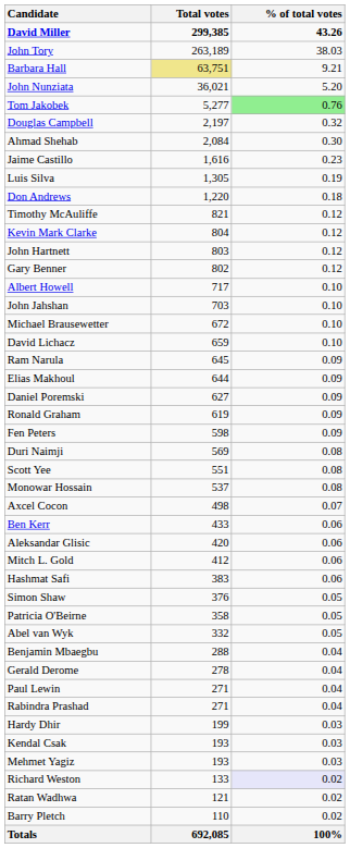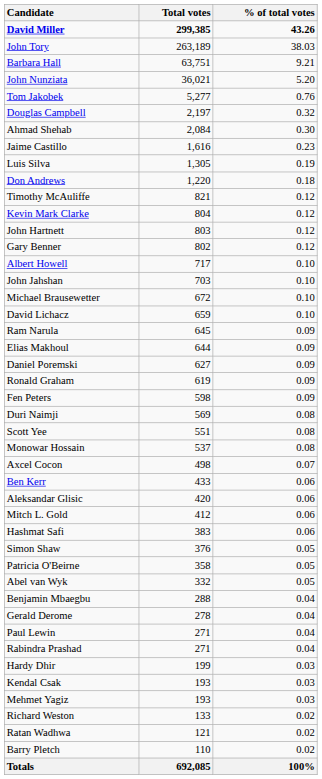 <table class=wikitable style="width:475px;" border="1" cellspacing="2" cellpadding="2">
 <tr style="background:#eee;">
 <th style="text-align:left;">Candidate</th>
 <th style="text-align:right;">Total votes</th>
 <th style="text-align:right;">% of total votes</th>
 </tr>
 <tr>
 <td style="text-align:left;"><strong><a href='#'>David Miller</a></strong></td>
 <td style="text-align:right;"><strong>299,385</strong></td>
 <td style="text-align:right;"><strong>43.26</strong></td>
 </tr>
 <tr>
 <td style="text-align:left;"><a href='#'>John Tory</a></td>
 <td style="text-align:right;">263,189</td>
 <td style="text-align:right;">38.03</td>
 </tr>
 <tr>
 <td style="text-align:left;"><a href='#'>Barbara Hall</a></td>
-<td style="background: khaki; text-align:right;">63,751</td>
+<td style="text-align:right;">63,751</td>
 <td style="text-align:right;">9.21</td>
 </tr>
 <tr>
 <td style="text-align:left;"><a href='#'>John Nunziata</a></td>
 <td style="text-align:right;">36,021</td>
 <td style="text-align:right;">5.20</td>
 </tr>
 <tr>
 <td style="text-align:left;"><a href='#'>Tom Jakobek</a></td>
 <td style="text-align:right;">5,277</td>
-<td style="background: lightgreen; text-align:right;">0.76</td>
+<td style="text-align:right;">0.76</td>
 </tr>
 <tr>
 <td style="text-align:left;"><a href='#'>Douglas Campbell</a></td>
 <td style="text-align:right;">2,197</td>
 <td style="text-align:right;">0.32</td>
 </tr>
 <tr>
 <td style="text-align:left;">Ahmad Shehab</td>
 <td style="text-align:right;">2,084</td>
 <td style="text-align:right;">0.30</td>
 </tr>
 <tr>
 <td style="text-align:left;">Jaime Castillo</td>
 <td style="text-align:right;">1,616</td>
 <td style="text-align:right;">0.23</td>
 </tr>
 <tr>
 <td style="text-align:left;">Luis Silva</td>
 <td style="text-align:right;">1,305</td>
 <td style="text-align:right;">0.19</td>
 </tr>
 <tr>
 <td style="text-align:left;"><a href='#'>Don Andrews</a></td>
 <td style="text-align:right;">1,220</td>
 <td style="text-align:right;">0.18</td>
 </tr>
 <tr>
 <td style="text-align:left;">Timothy McAuliffe</td>
 <td style="text-align:right;">821</td>
 <td style="text-align:right;">0.12</td>
 </tr>
 <tr>
 <td style="text-align:left;"><a href='#'>Kevin Mark Clarke</a></td>
 <td style="text-align:right;">804</td>
 <td style="text-align:right;">0.12</td>
 </tr>
 <tr>
 <td style="text-align:left;">John Hartnett</td>
 <td style="text-align:right;">803</td>
 <td style="text-align:right;">0.12</td>
 </tr>
 <tr>
 <td style="text-align:left;">Gary Benner</td>
 <td style="text-align:right;">802</td>
 <td style="text-align:right;">0.12</td>
 </tr>
 <tr>
 <td style="text-align:left;"><a href='#'>Albert Howell</a></td>
 <td style="text-align:right;">717</td>
 <td style="text-align:right;">0.10</td>
 </tr>
 <tr>
 <td style="text-align:left;">John Jahshan</td>
 <td style="text-align:right;">703</td>
 <td style="text-align:right;">0.10</td>
 </tr>
 <tr>
 <td style="text-align:left;">Michael Brausewetter</td>
 <td style="text-align:right;">672</td>
 <td style="text-align:right;">0.10</td>
 </tr>
 <tr>
 <td style="text-align:left;">David Lichacz</td>
 <td style="text-align:right;">659</td>
 <td style="text-align:right;">0.10</td>
 </tr>
 <tr>
 <td style="text-align:left;">Ram Narula</td>
 <td style="text-align:right;">645</td>
 <td style="text-align:right;">0.09</td>
 </tr>
 <tr>
 <td style="text-align:left;">Elias Makhoul</td>
 <td style="text-align:right;">644</td>
 <td style="text-align:right;">0.09</td>
 </tr>
 <tr>
 <td style="text-align:left;">Daniel Poremski</td>
 <td style="text-align:right;">627</td>
 <td style="text-align:right;">0.09</td>
 </tr>
 <tr>
 <td style="text-align:left;">Ronald Graham</td>
 <td style="text-align:right;">619</td>
 <td style="text-align:right;">0.09</td>
 </tr>
 <tr>
 <td style="text-align:Left;">Fen Peters</td>
 <td style="text-align:right;">598</td>
 <td style="text-align:right;">0.09</td>
 </tr>
 <tr>
 <td style="text-align:left;">Duri Naimji</td>
 <td style="text-align:right;">569</td>
 <td style="text-align:right;">0.08</td>
 </tr>
 <tr>
 <td style="text-align:left;">Scott Yee</td>
 <td style="text-align:right;">551</td>
 <td style="text-align:right;">0.08</td>
 </tr>
 <tr>
 <td style="text-align:left;">Monowar Hossain</td>
 <td style="text-align:right;">537</td>
 <td style="text-align:right;">0.08</td>
 </tr>
 <tr>
 <td style="text-align:left;">Axcel Cocon</td>
 <td style="text-align:right;">498</td>
 <td style="text-align:right;">0.07</td>
 </tr>
 <tr>
 <td style="text-align:left;"><a href='#'>Ben Kerr</a></td>
 <td style="text-align:right;">433</td>
 <td style="text-align:right;">0.06</td>
 </tr>
 <tr>
 <td style="text-align:left;">Aleksandar Glisic</td>
 <td style="text-align:right;">420</td>
 <td style="text-align:right;">0.06</td>
 </tr>
 <tr>
 <td style="text-align:left;">Mitch L. Gold</td>
 <td style="text-align:right;">412</td>
 <td style="text-align:right;">0.06</td>
 </tr>
 <tr>
 <td style="text-align:left;">Hashmat Safi</td>
 <td style="text-align:right;">383</td>
 <td style="text-align:right;">0.06</td>
 </tr>
 <tr>
 <td style="text-align:left;">Simon Shaw</td>
 <td style="text-align:right;">376</td>
 <td style="text-align:right;">0.05</td>
 </tr>
 <tr>
 <td style="text-align:left;">Patricia O'Beirne</td>
 <td style="text-align:right;">358</td>
 <td style="text-align:right;">0.05</td>
 </tr>
 <tr>
 <td style="text-align:left;">Abel van Wyk</td>
 <td style="text-align:right;">332</td>
 <td style="text-align:right;">0.05</td>
 </tr>
 <tr>
 <td style="text-align:left;">Benjamin Mbaegbu</td>
 <td style="text-align:right;">288</td>
 <td style="text-align:right;">0.04</td>
 </tr>
 <tr>
 <td style="text-align:left;">Gerald Derome</td>
 <td style="text-align:right;">278</td>
 <td style="text-align:right;">0.04</td>
 </tr>
 <tr>
 <td style="text-align:left;">Paul Lewin</td>
 <td style="text-align:right;">271</td>
 <td style="text-align:right;">0.04</td>
 </tr>
 <tr>
 <td style="text-align:left;">Rabindra Prashad</td>
 <td style="text-align:right;">271</td>
 <td style="text-align:right;">0.04</td>
 </tr>
 <tr>
 <td style="text-align:left;">Hardy Dhir</td>
 <td style="text-align:right;">199</td>
 <td style="text-align:right;">0.03</td>
 </tr>
 <tr>
 <td style="text-align:left;">Kendal Csak</td>
 <td style="text-align:right;">193</td>
 <td style="text-align:right;">0.03</td>
 </tr>
 <tr>
 <td style="text-align:left;">Mehmet Yagiz</td>
 <td style="text-align:right;">193</td>
 <td style="text-align:right;">0.03</td>
 </tr>
 <tr>
 <td style="text-align:left;">Richard Weston</td>
 <td style="text-align:right;">133</td>
-<td style="background: lavender; text-align:right;">0.02</td>
+<td style="text-align:right;">0.02</td>
 </tr>
 <tr>
 <td style="text-align:left;">Ratan Wadhwa</td>
 <td style="text-align:right;">121</td>
 <td style="text-align:right;">0.02</td>
 </tr>
 <tr>
 <td style="text-align:left;">Barry Pletch</td>
 <td style="text-align:right;">110</td>
 <td style="text-align:right;">0.02</td>
 </tr>
 <tr style="background:#eee;">
 <th style="text-align:left;">Totals</th>
 <th style="text-align:right;">692,085</th>
 <th style="text-align:right;">100%</th>
 </tr>
 </table>
